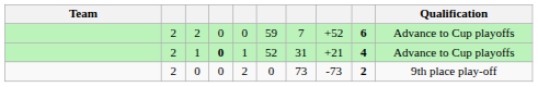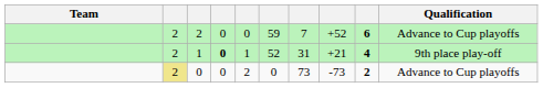 <table class="wikitable" style="text-align:center;">
 <tr>
 <th style="width:12.5em">Team</th>
 <th style="width:1.5em;"></th>
 <th style="width:1.5em;"></th>
 <th style="width:1.5em;"></th>
 <th style="width:1.5em;"></th>
 <th style="width:2.0em;"></th>
 <th style="width:2.0em;"></th>
 <th style="width:2.5em;"></th>
 <th style="width:1.5em;"></th>
 <th style="width:12.5em">Qualification</th>
 </tr>
 <tr bgcolor=#bbf3bb>
 <td align=left></td>
 <td>2</td>
 <td>2</td>
 <td>0</td>
 <td>0</td>
 <td>59</td>
 <td>7</td>
 <td>+52</td>
 <td><strong>6</strong></td>
 <td>Advance to Cup playoffs</td>
 </tr>
 <tr bgcolor=#bbf3bb>
 <td align=left></td>
 <td>2</td>
 <td>1</td>
 <td><strong>0</strong></td>
 <td>1</td>
 <td>52</td>
 <td>31</td>
 <td>+21</td>
 <td><strong>4</strong></td>
-<td>Advance to Cup playoffs</td>
+<td>9th place play-off</td>
 </tr>
 <tr>
 <td align=left></td>
-<td>2</td>
+<td style="background: khaki;">2</td>
 <td>0</td>
 <td>0</td>
 <td>2</td>
 <td>0</td>
 <td>73</td>
 <td>-73</td>
 <td><strong>2</strong></td>
-<td>9th place play-off</td>
+<td>Advance to Cup playoffs</td>
 </tr>
 </table>
